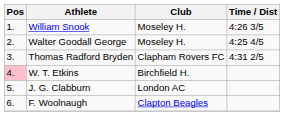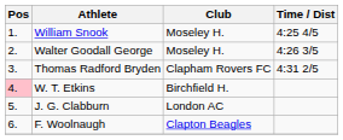 <table class="wikitable">
 <tr>
 <th>Pos</th>
 <th>Athlete</th>
 <th>Club</th>
 <th>Time / Dist</th>
 </tr>
 <tr>
 <td>1.</td>
 <td><a href='#'>William Snook</a></td>
 <td>Moseley H.</td>
-<td>4:26 3/5</td>
+<td>4:25 4/5</td>
 </tr>
 <tr>
 <td>2.</td>
 <td>Walter Goodall George</td>
 <td>Moseley H.</td>
-<td>4:25 4/5</td>
+<td>4:26 3/5</td>
 </tr>
 <tr>
 <td>3.</td>
 <td>Thomas Radford Bryden</td>
 <td>Clapham Rovers FC</td>
 <td>4:31 2/5</td>
 </tr>
 <tr>
 <td style="background: pink;">4.</td>
 <td>W. T. Etkins</td>
 <td>Birchfield H.</td>
 <td></td>
 </tr>
 <tr>
 <td>5.</td>
 <td>J. G. Clabburn</td>
 <td>London AC</td>
 <td></td>
 </tr>
 <tr>
 <td>6.</td>
 <td>F. Woolnaugh</td>
 <td><a href='#'>Clapton Beagles</a></td>
 <td></td>
 </tr>
 <tr>
 </tr>
 </table>
